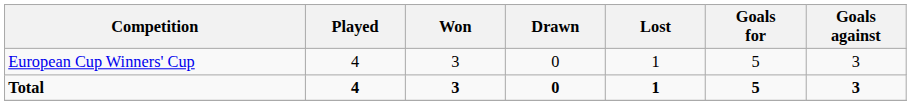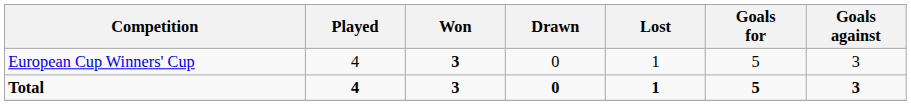 <table class="sortable wikitable" width=70%>
 <tr>
 <th width=30%>Competition</th>
 <th width=10%>Played</th>
 <th width=10%>Won</th>
 <th width=10%>Drawn</th>
 <th width=10%>Lost</th>
 <th width=10%>Goals<br>for</th>
 <th width=10%>Goals<br>against</th>
 </tr>
 <tr>
 <td><a href='#'>European Cup Winners' Cup</a></td>
 <td align=center>4</td>
-<td align=center>3</td>
+<td align=center><strong>3</strong></td>
 <td align=center>0</td>
 <td align=center>1</td>
 <td align=center>5</td>
 <td align=center>3</td>
 </tr>
 <tr class="sortbottom">
 <td><strong>Total</strong></td>
 <td align=center><strong>4</strong></td>
 <td align=center><strong>3</strong></td>
 <td align=center><strong>0</strong></td>
 <td align=center><strong>1</strong></td>
 <td align=center><strong>5</strong></td>
 <td align=center><strong>3</strong></td>
 </tr>
 <tr>
 </tr>
 </table>
